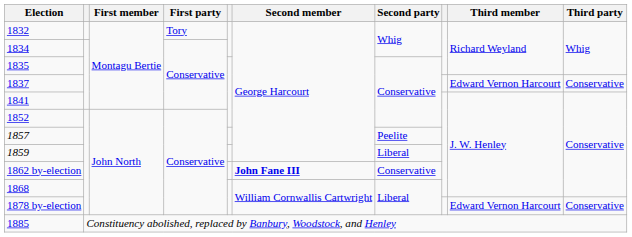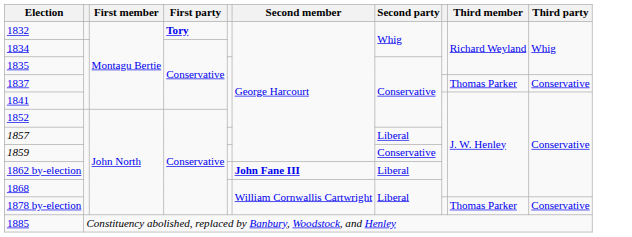 <table class="wikitable">
 <tr>
 <th>Election</th>
 <th></th>
 <th>First member</th>
 <th>First party</th>
 <th></th>
 <th>Second member</th>
 <th>Second party</th>
 <th></th>
 <th>Third member</th>
 <th>Third party</th>
 </tr>
 <tr>
 <td><a href='#'>1832</a></td>
 <td style="color:inherit;background-color: "></td>
 <td rowspan="5"><a href='#'>Montagu Bertie</a></td>
-<td><a href='#'>Tory</a></td>
+<td><strong><a href='#'>Tory</a></strong></td>
 <td rowspan="2" style="color:inherit;background-color: "></td>
 <td rowspan="8"><a href='#'>George Harcourt</a></td>
 <td rowspan="2"><a href='#'>Whig</a></td>
 <td rowspan="3" style="color:inherit;background-color: "></td>
 <td rowspan="3"><a href='#'>Richard Weyland</a></td>
 <td rowspan="3"><a href='#'>Whig</a></td>
 </tr>
 <tr>
 <td><a href='#'>1834</a></td>
 <td rowspan="4" style="color:inherit;background-color: "></td>
 <td rowspan="4"><a href='#'>Conservative</a></td>
 </tr>
 <tr>
 <td><a href='#'>1835</a></td>
 <td rowspan="4" style="color:inherit;background-color: "></td>
 <td rowspan="4"><a href='#'>Conservative</a></td>
 </tr>
 <tr>
 <td><a href='#'>1837</a></td>
 <td style="color:inherit;background-color: "></td>
-<td><a href='#'>Edward Vernon Harcourt</a></td>
+<td><a href='#'>Thomas Parker</a></td>
 <td><a href='#'>Conservative</a></td>
 </tr>
 <tr>
 <td><a href='#'>1841</a></td>
 <td rowspan="6" style="color:inherit;background-color: "></td>
 <td rowspan="6"><a href='#'>J. W. Henley</a></td>
 <td rowspan="6"><a href='#'>Conservative</a></td>
 </tr>
 <tr>
 <td><a href='#'>1852</a></td>
 <td rowspan="6" style="color:inherit;background-color: "></td>
 <td rowspan="6"><a href='#'>John North</a></td>
 <td rowspan="6"><a href='#'>Conservative</a></td>
 </tr>
 <tr>
 <td><em>1857</em></td>
 <td style="color:inherit;background-color: "></td>
-<td><a href='#'>Peelite</a></td>
+<td><a href='#'>Liberal</a></td>
 </tr>
 <tr>
 <td><em>1859</em></td>
 <td style="color:inherit;background-color: "></td>
-<td><a href='#'>Liberal</a></td>
+<td><a href='#'>Conservative</a></td>
 </tr>
 <tr>
 <td><a href='#'>1862 by-election</a></td>
 <td style="color:inherit;background-color: "></td>
 <td><strong><a href='#'>John Fane III</a></strong></td>
-<td><a href='#'>Conservative</a></td>
+<td><a href='#'>Liberal</a></td>
 </tr>
 <tr>
 <td><a href='#'>1868</a></td>
 <td rowspan="2" style="color:inherit;background-color: "></td>
 <td rowspan="2"><a href='#'>William Cornwallis Cartwright</a></td>
 <td rowspan="2"><a href='#'>Liberal</a></td>
 </tr>
 <tr>
 <td><a href='#'>1878 by-election</a></td>
 <td style="color:inherit;background-color: "></td>
-<td><a href='#'>Edward Vernon Harcourt</a></td>
+<td><a href='#'>Thomas Parker</a></td>
 <td><a href='#'>Conservative</a></td>
 </tr>
 <tr>
 <td><a href='#'>1885</a></td>
 <td colspan="9"><em>Constituency abolished, replaced by <a href='#'>Banbury</a>, <a href='#'>Woodstock</a>, and <a href='#'>Henley</a></em></td>
 </tr>
 </table>
